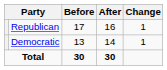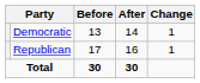 <table class="wikitable" style="text-align:center;">
 <tr>
 <th colspan="2">Party</th>
 <th>Before</th>
 <th>After</th>
 <th>Change</th>
 </tr>
 <tr>
 <th style="background-color:"></th>
-<td style="text-align:left;"><a href='#'>Republican</a></td>
-<td>17</td>
-<td>16</td>
+<td style="text-align:left;"><a href='#'>Democratic</a></td>
+<td>13</td>
+<td>14</td>
 <td> 1</td>
 </tr>
 <tr>
 <th style="background-color:"></th>
-<td style="text-align:left;"><a href='#'>Democratic</a></td>
-<td>13</td>
-<td>14</td>
+<td style="text-align:left;"><a href='#'>Republican</a></td>
+<td>17</td>
+<td>16</td>
 <td> 1</td>
 </tr>
 <tr>
 <td colspan="2"><strong>Total</strong></td>
 <td><strong>30</strong></td>
 <td><strong>30</strong></td>
 <td></td>
 </tr>
 </table>
